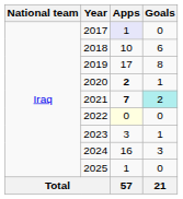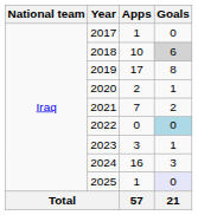 <table class="wikitable" style="text-align:center">
 <tr>
 <th>National team</th>
 <th>Year</th>
 <th>Apps</th>
 <th>Goals</th>
 </tr>
 <tr>
 <td rowspan="9"><a href='#'>Iraq</a></td>
 <td>2017</td>
-<td style="background: lavender;">1</td>
+<td>1</td>
 <td>0</td>
 </tr>
 <tr>
 <td>2018</td>
 <td>10</td>
-<td>6</td>
+<td style="background: lightgrey;">6</td>
 </tr>
 <tr>
 <td>2019</td>
 <td>17</td>
 <td>8</td>
 </tr>
 <tr>
 <td>2020</td>
-<td><strong>2</strong></td>
+<td>2</td>
 <td>1</td>
 </tr>
 <tr>
 <td>2021</td>
-<td><strong>7</strong></td>
-<td style="background: paleturquoise;">2</td>
+<td>7</td>
+<td>2</td>
 </tr>
 <tr>
 <td>2022</td>
-<td style="background: lightyellow;">0</td>
 <td>0</td>
+<td style="background: lightblue;">0</td>
 </tr>
 <tr>
 <td>2023</td>
 <td>3</td>
 <td>1</td>
 </tr>
 <tr>
 <td>2024</td>
 <td>16</td>
 <td>3</td>
 </tr>
 <tr>
 <td>2025</td>
 <td>1</td>
-<td>0</td>
+<td style="background: lavender;">0</td>
 </tr>
 <tr>
 <th colspan="2">Total</th>
 <th>57</th>
 <th>21</th>
 </tr>
 </table>
